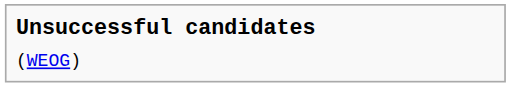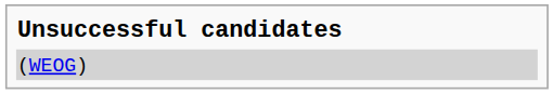 <table class="infobox" width="300px">
 <tr>
 <td><strong>Unsuccessful candidates</strong></td>
 </tr>
 <tr>
-<td> <small>(<a href='#'>WEOG</a>)</small></td>
+<td style="background: lightgrey;"> <small>(<a href='#'>WEOG</a>)</small></td>
 </tr>
 </table>
